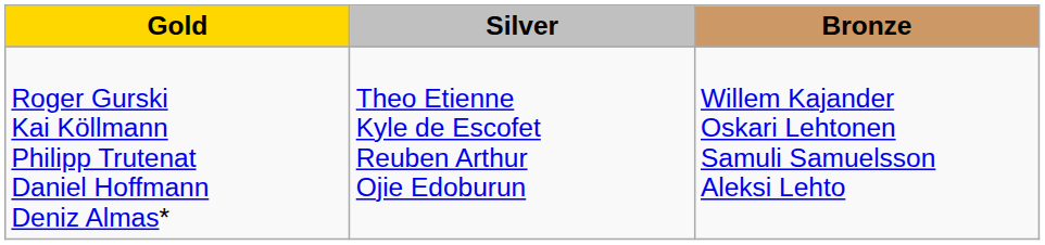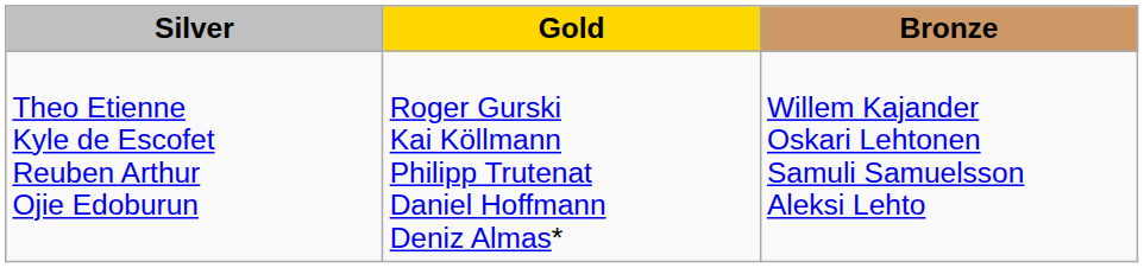 <table class="wikitable" style="text-align:left">
 <tr align="center">
+<td width=200 bgcolor=silver><strong>Silver</strong></td>
 <td width=200 bgcolor=gold><strong>Gold</strong></td>
-<td width=200 bgcolor=silver><strong>Silver</strong></td>
 <td width=200 bgcolor=CC9966><strong>Bronze</strong></td>
 </tr>
 <tr>
+<td valign=top><em></em><br><a href='#'>Theo Etienne</a><br><a href='#'>Kyle de Escofet</a><br><a href='#'>Reuben Arthur</a><br><a href='#'>Ojie Edoburun</a></td>
 <td valign=top><em></em><br><a href='#'>Roger Gurski</a><br><a href='#'>Kai Köllmann</a><br><a href='#'>Philipp Trutenat</a><br><a href='#'>Daniel Hoffmann</a><br><a href='#'>Deniz Almas</a>*</td>
-<td valign=top><em></em><br><a href='#'>Theo Etienne</a><br><a href='#'>Kyle de Escofet</a><br><a href='#'>Reuben Arthur</a><br><a href='#'>Ojie Edoburun</a></td>
 <td valign=top><em></em><br><a href='#'>Willem Kajander</a><br><a href='#'>Oskari Lehtonen</a><br><a href='#'>Samuli Samuelsson</a><br><a href='#'>Aleksi Lehto</a></td>
 </tr>
 </table>
